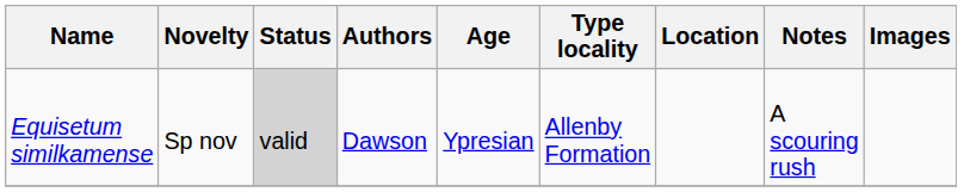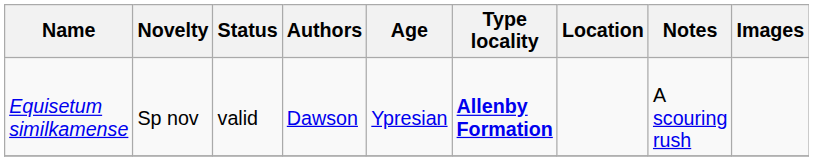 <table class="wikitable sortable" align="center" width="100%">
 <tr>
 <th>Name</th>
 <th>Novelty</th>
 <th>Status</th>
 <th>Authors</th>
 <th>Age</th>
 <th>Type locality</th>
 <th>Location</th>
 <th>Notes</th>
 <th>Images</th>
 </tr>
 <tr>
 <td><br><em><a href='#'>Equisetum similkamense</a></em></td>
 <td><br>Sp nov</td>
-<td style="background: lightgrey;"><br>valid</td>
+<td><br>valid</td>
 <td><br><a href='#'>Dawson</a></td>
 <td><br><a href='#'>Ypresian</a></td>
-<td><br><a href='#'>Allenby Formation</a></td>
+<td><strong><br><a href='#'>Allenby Formation</a></strong></td>
 <td><br><br></td>
 <td><br>A <a href='#'>scouring rush</a></td>
 <td><br></td>
 </tr>
 <tr>
 </tr>
 </table>
